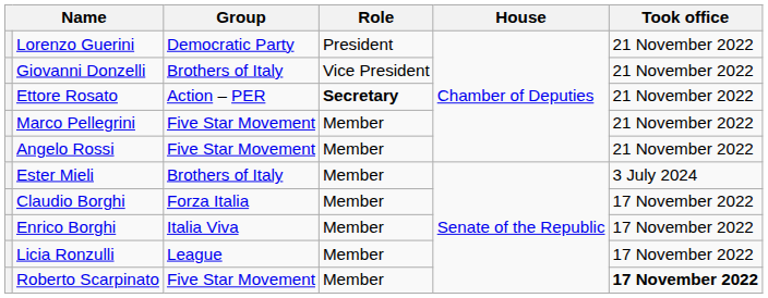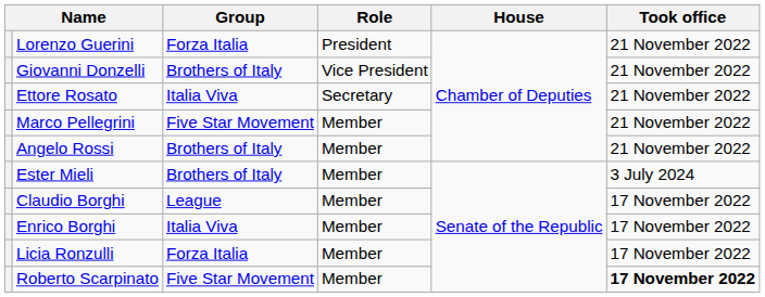 <table class="wikitable">
 <tr>
 <th colspan=2>Name</th>
 <th>Group</th>
 <th>Role</th>
 <th>House</th>
 <th>Took office</th>
 </tr>
 <tr>
 <th style="background:"></th>
 <td><a href='#'>Lorenzo Guerini</a></td>
-<td><a href='#'>Democratic Party</a></td>
+<td><a href='#'>Forza Italia</a></td>
 <td>President</td>
 <td rowspan="5"><a href='#'>Chamber of Deputies</a></td>
 <td>21 November 2022</td>
 </tr>
 <tr>
 <th style="background:"></th>
 <td><a href='#'>Giovanni Donzelli</a></td>
 <td><a href='#'>Brothers of Italy</a></td>
 <td>Vice President</td>
 <td>21 November 2022</td>
 </tr>
 <tr>
 <th style="background:"></th>
 <td><a href='#'>Ettore Rosato</a></td>
-<td><a href='#'>Action</a> – <a href='#'>PER</a></td>
-<td><strong>Secretary</strong></td>
+<td><a href='#'>Italia Viva</a></td>
+<td>Secretary</td>
 <td>21 November 2022</td>
 </tr>
 <tr>
 <th style="background:"></th>
 <td><a href='#'>Marco Pellegrini</a></td>
 <td><a href='#'>Five Star Movement</a></td>
 <td>Member</td>
 <td>21 November 2022</td>
 </tr>
 <tr>
 <th style="background:"></th>
 <td><a href='#'>Angelo Rossi</a></td>
-<td><a href='#'>Five Star Movement</a></td>
+<td><a href='#'>Brothers of Italy</a></td>
 <td>Member</td>
 <td>21 November 2022</td>
 </tr>
 <tr>
 <th style="background:"></th>
 <td><a href='#'>Ester Mieli</a></td>
 <td><a href='#'>Brothers of Italy</a></td>
 <td>Member</td>
 <td rowspan="5"><a href='#'>Senate of the Republic</a></td>
 <td>3 July 2024</td>
 </tr>
 <tr>
 <th style="background:"></th>
 <td><a href='#'>Claudio Borghi</a></td>
-<td><a href='#'>Forza Italia</a></td>
+<td><a href='#'>League</a></td>
 <td>Member</td>
 <td>17 November 2022</td>
 </tr>
 <tr>
 <th style="background:"></th>
 <td><a href='#'>Enrico Borghi</a></td>
 <td><a href='#'>Italia Viva</a></td>
 <td>Member</td>
 <td>17 November 2022</td>
 </tr>
 <tr>
 <th style="background:"></th>
 <td><a href='#'>Licia Ronzulli</a></td>
-<td><a href='#'>League</a></td>
+<td><a href='#'>Forza Italia</a></td>
 <td>Member</td>
 <td>17 November 2022</td>
 </tr>
 <tr>
 <th style="background:"></th>
 <td><a href='#'>Roberto Scarpinato</a></td>
 <td><a href='#'>Five Star Movement</a></td>
 <td>Member</td>
 <td><strong>17 November 2022</strong></td>
 </tr>
 </table>
